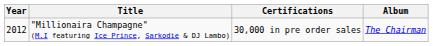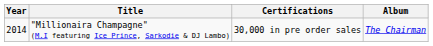 <table class="wikitable">
 <tr>
 <th>Year</th>
 <th>Title</th>
 <th>Certifications</th>
 <th>Album</th>
 </tr>
 <tr>
-<td>2012</td>
+<td>2014</td>
 <td>"Millionaira Champagne"<br><small>(<a href='#'>M.I</a> featuring <a href='#'>Ice Prince</a>, <a href='#'>Sarkodie</a> & DJ Lambo)</small></td>
 <td>30,000 in pre order sales</td>
 <td><em><a href='#'>The Chairman</a></em></td>
 </tr>
 </table>
